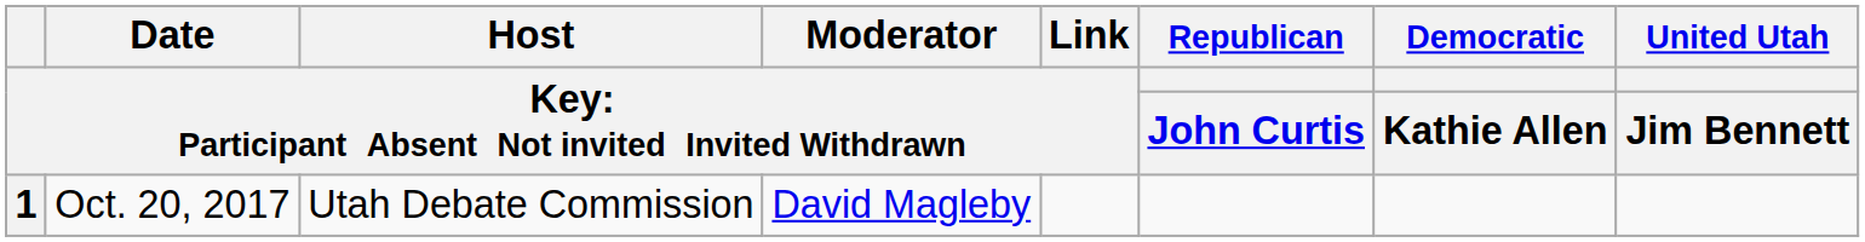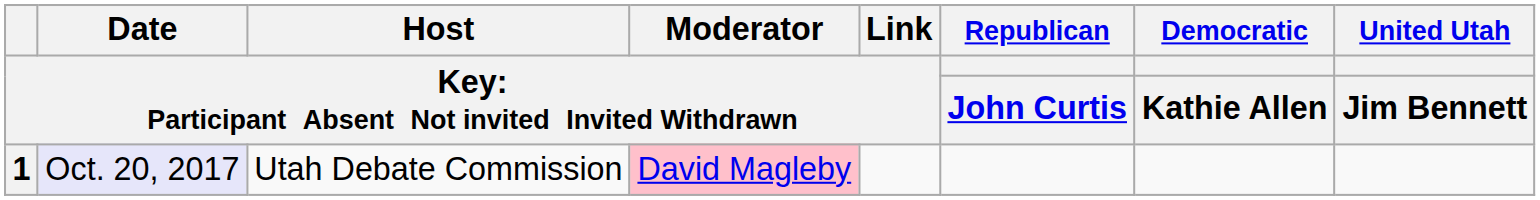 <table class="wikitable" style="text-align:center;">
 <tr>
 <th scope="col"></th>
 <th scope="col">Date</th>
 <th scope="col">Host</th>
 <th scope="col">Moderator</th>
 <th scope="col">Link</th>
 <th scope="col"><small><a href='#'>Republican</a></small></th>
 <th scope="col"><small><a href='#'>Democratic</a></small></th>
 <th scope="col"><small><a href='#'>United Utah</a></small></th>
 </tr>
 <tr>
 <th colspan="5" rowspan="2">Key:<br> <small>Participant </small>  <small>Absent </small>  <small>Not invited </small>  <small>Invited  Withdrawn</small></th>
 <th scope="col" style="background:"></th>
 <th scope="col" style="background:"></th>
 <th scope="col" style="background:"></th>
 </tr>
 <tr>
 <th scope="col"><a href='#'>John Curtis</a></th>
 <th scope="col">Kathie Allen</th>
 <th scope="col">Jim Bennett</th>
 </tr>
 <tr>
 <th>1</th>
-<td style="white-space:nowrap;">Oct. 20, 2017</td>
+<td style="background: lavender; white-space:nowrap;">Oct. 20, 2017</td>
 <td style="white-space:nowrap;">Utah Debate Commission</td>
-<td style="white-space:nowrap;"><a href='#'>David Magleby</a></td>
+<td style="background: pink; white-space:nowrap;"><a href='#'>David Magleby</a></td>
 <td style="white-space:nowrap;"></td>
 <td></td>
 <td></td>
 <td></td>
 </tr>
 </table>
